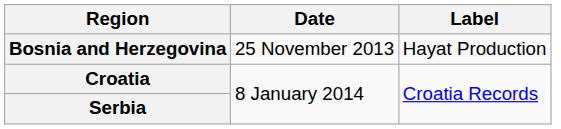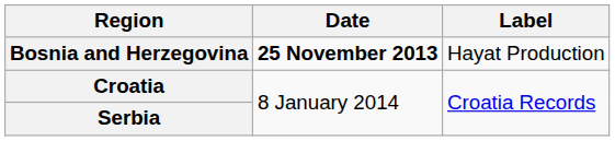 <table class="wikitable plainrowheaders">
 <tr>
 <th scope="col">Region</th>
 <th scope="col">Date</th>
 <th scope="col">Label</th>
 </tr>
 <tr>
 <th scope="row">Bosnia and Herzegovina</th>
-<td>25 November 2013</td>
+<td><strong>25 November 2013</strong></td>
 <td>Hayat Production</td>
 </tr>
 <tr>
 <th scope="row">Croatia</th>
 <td rowspan="2">8 January 2014</td>
 <td rowspan="2"><a href='#'>Croatia Records</a></td>
 </tr>
 <tr>
 <th scope="row">Serbia</th>
 </tr>
 </table>
